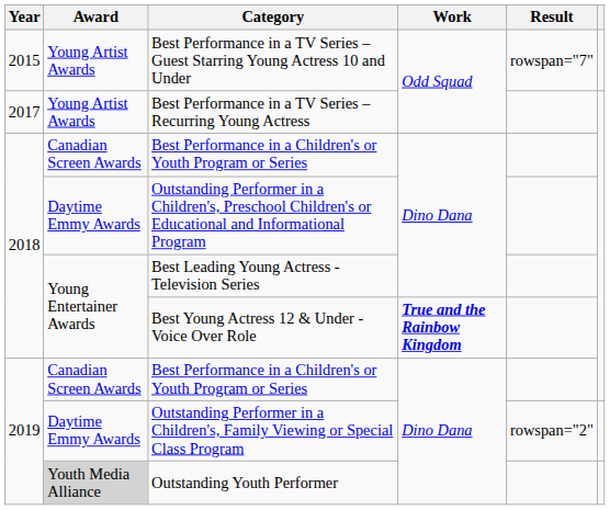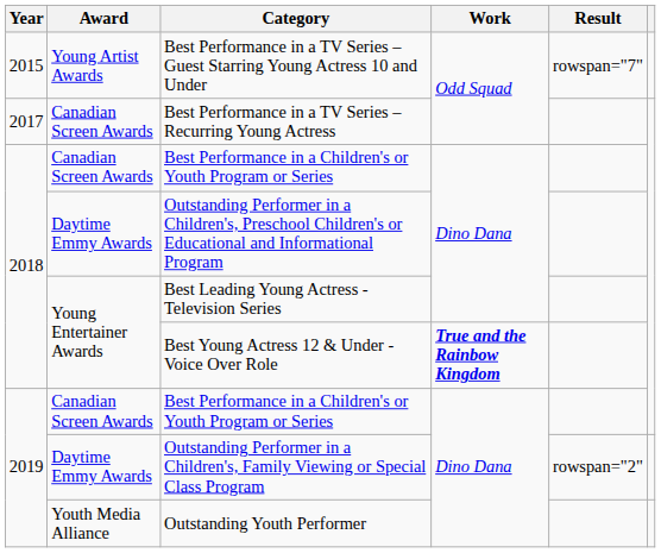 <table class="wikitable">
 <tr>
 <th>Year</th>
 <th>Award</th>
 <th>Category</th>
 <th>Work</th>
 <th>Result</th>
 <th></th>
 </tr>
 <tr>
 <td>2015</td>
 <td><a href='#'>Young Artist Awards</a></td>
 <td>Best Performance in a TV Series – Guest Starring Young Actress 10 and Under</td>
 <td rowspan="2"><em><a href='#'>Odd Squad</a></em></td>
 <td>rowspan="7" </td>
 <td></td>
 </tr>
 <tr>
 <td>2017</td>
-<td><a href='#'>Young Artist Awards</a></td>
+<td><a href='#'>Canadian Screen Awards</a></td>
 <td>Best Performance in a TV Series – Recurring Young Actress</td>
 <td></td>
 </tr>
 <tr>
 <td rowspan="4">2018</td>
 <td><a href='#'>Canadian Screen Awards</a></td>
 <td><a href='#'>Best Performance in a Children's or Youth Program or Series</a></td>
 <td rowspan="3"><em><a href='#'>Dino Dana</a></em></td>
 <td></td>
 </tr>
 <tr>
 <td><a href='#'>Daytime Emmy Awards</a></td>
 <td><a href='#'>Outstanding Performer in a Children's, Preschool Children's or Educational and Informational Program</a></td>
 <td></td>
 </tr>
 <tr>
 <td rowspan="2">Young Entertainer Awards</td>
 <td>Best Leading Young Actress - Television Series</td>
 <td></td>
 </tr>
 <tr>
 <td>Best Young Actress 12 & Under - Voice Over Role</td>
 <td><strong><em><a href='#'>True and the Rainbow Kingdom</a></em></strong></td>
 <td></td>
 </tr>
 <tr>
 <td rowspan="3">2019</td>
 <td><a href='#'>Canadian Screen Awards</a></td>
 <td><a href='#'>Best Performance in a Children's or Youth Program or Series</a></td>
 <td rowspan="3"><em><a href='#'>Dino Dana</a></em></td>
 <td></td>
 </tr>
 <tr>
 <td><a href='#'>Daytime Emmy Awards</a></td>
 <td><a href='#'>Outstanding Performer in a Children's, Family Viewing or Special Class Program</a></td>
 <td>rowspan="2" </td>
 <td></td>
 </tr>
 <tr>
-<td style="background: lightgrey;">Youth Media Alliance</td>
+<td>Youth Media Alliance</td>
 <td>Outstanding Youth Performer</td>
 <td></td>
 </tr>
 </table>
